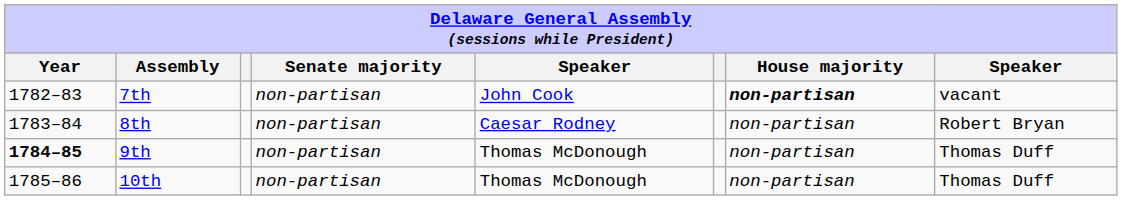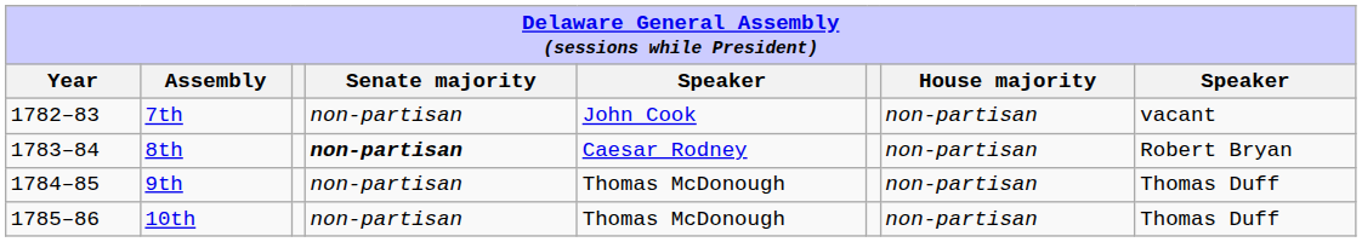 <table class=wikitable style="width: 94%" style="text-align: center;" align="center">
 <tr bgcolor=#cccccc>
 <th colspan=12 style="background: #ccccff;"><strong><a href='#'>Delaware General Assembly</a></strong> <br> <small> <em>(sessions while President)</em></small></th>
 </tr>
 <tr>
 <th><strong>Year</strong></th>
 <th><strong>Assembly</strong></th>
 <th></th>
 <th><strong>Senate majority</strong></th>
 <th><strong>Speaker</strong></th>
 <th></th>
 <th><strong>House majority</strong></th>
 <th><strong>Speaker</strong></th>
 </tr>
 <tr>
 <td>1782–83</td>
 <td><a href='#'>7th</a></td>
 <td></td>
 <td><em>non-partisan</em></td>
 <td><a href='#'>John Cook</a></td>
 <td></td>
-<td><strong><em>non-partisan</em></strong></td>
+<td><em>non-partisan</em></td>
 <td>vacant</td>
 </tr>
 <tr>
 <td>1783–84</td>
 <td><a href='#'>8th</a></td>
 <td></td>
-<td><em>non-partisan</em></td>
+<td><strong><em>non-partisan</em></strong></td>
 <td><a href='#'>Caesar Rodney</a></td>
 <td></td>
 <td><em>non-partisan</em></td>
 <td>Robert Bryan</td>
 </tr>
 <tr>
-<td><strong>1784–85</strong></td>
+<td>1784–85</td>
 <td><a href='#'>9th</a></td>
 <td></td>
 <td><em>non-partisan</em></td>
 <td>Thomas McDonough</td>
 <td></td>
 <td><em>non-partisan</em></td>
 <td>Thomas Duff</td>
 </tr>
 <tr>
 <td>1785–86</td>
 <td><a href='#'>10th</a></td>
 <td></td>
 <td><em>non-partisan</em></td>
 <td>Thomas McDonough</td>
 <td></td>
 <td><em>non-partisan</em></td>
 <td>Thomas Duff</td>
 </tr>
 </table>
